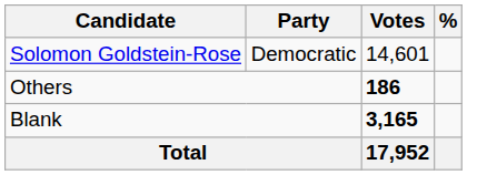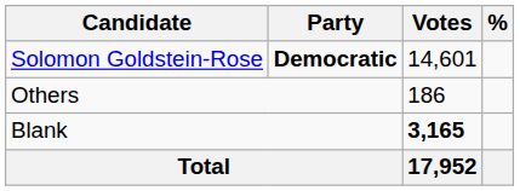 <table class="wikitable">
 <tr>
 <th>Candidate</th>
 <th>Party</th>
 <th>Votes</th>
 <th>%</th>
 </tr>
 <tr>
 <td><a href='#'>Solomon Goldstein-Rose</a></td>
-<td>Democratic</td>
+<td><strong>Democratic</strong></td>
 <td>14,601</td>
 <td></td>
 </tr>
 <tr>
 <td colspan = 2>Others</td>
-<td><strong>186</strong></td>
+<td>186</td>
 <td></td>
 </tr>
 <tr>
 <td colspan = 2>Blank</td>
 <td><strong>3,165</strong></td>
 <td></td>
 </tr>
 <tr>
 <th colspan = 2>Total</th>
 <th>17,952</th>
 <th></th>
 </tr>
 </table>
